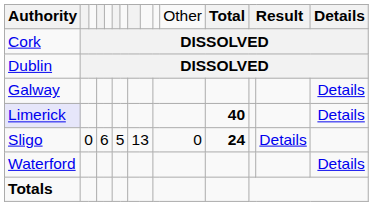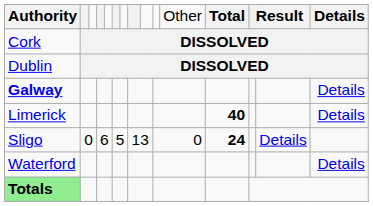 <table class="wikitable" style="text-align:right; padding-left:1em">
 <tr>
 <th align="left">Authority</th>
 <th style="background-color: "></th>
 <td><a href='#'></a></td>
 <th style="background-color: "></th>
 <td><a href='#'></a></td>
 <th style="background-color: "></th>
 <td><a href='#'></a></td>
 <th style="background-color: "></th>
 <td><a href='#'></a></td>
 <td></td>
 <td>Other</td>
 <th align="left">Total</th>
 <th colspan=2>Result</th>
 <th>Details</th>
 </tr>
 <tr>
 <td align=left><a href='#'>Cork</a></td>
 <th align="middle" colspan=14>DISSOLVED</th>
 </tr>
 <tr>
 <td align=left><a href='#'>Dublin</a></td>
 <th align="middle" colspan=14>DISSOLVED</th>
 </tr>
 <tr>
-<td align=left><a href='#'>Galway</a></td>
+<td align=left><strong><a href='#'>Galway</a></strong></td>
 <td colspan=2></td>
 <td colspan=2></td>
 <td colspan=2></td>
 <td colspan=2></td>
 <td colspan=2></td>
 <td></td>
 <td></td>
 <td></td>
 <td><a href='#'>Details</a></td>
 </tr>
 <tr>
-<td align=left style="background: lavender;"><a href='#'>Limerick</a></td>
+<td align=left><a href='#'>Limerick</a></td>
 <td colspan=2></td>
 <td colspan=2></td>
 <td colspan=2></td>
 <td colspan=2></td>
 <td colspan=2></td>
 <td><strong>40</strong></td>
 <td></td>
 <td></td>
 <td><a href='#'>Details</a></td>
 </tr>
 <tr>
 <td align=left><a href='#'>Sligo</a></td>
 <td colspan=2>0</td>
 <td colspan=2>6</td>
 <td colspan=2>5</td>
 <td colspan=2>13</td>
 <td colspan=2>0</td>
 <td><strong>24</strong></td>
 <td></td>
 <td><a href='#'>Details</a></td>
 </tr>
 <tr>
 <td align=left><a href='#'>Waterford</a></td>
 <td colspan=2></td>
 <td colspan=2></td>
 <td colspan=2></td>
 <td colspan=2></td>
 <td colspan=2></td>
 <td></td>
 <td></td>
 <td></td>
 <td><a href='#'>Details</a></td>
 </tr>
 <tr>
-<td align=left><strong>Totals</strong></td>
+<td align=left style="background: lightgreen;"><strong>Totals</strong></td>
 <td colspan=2></td>
 <td colspan=2></td>
 <td colspan=2></td>
 <td colspan=2></td>
 <td colspan=2></td>
 <td></td>
 </tr>
 </table>
